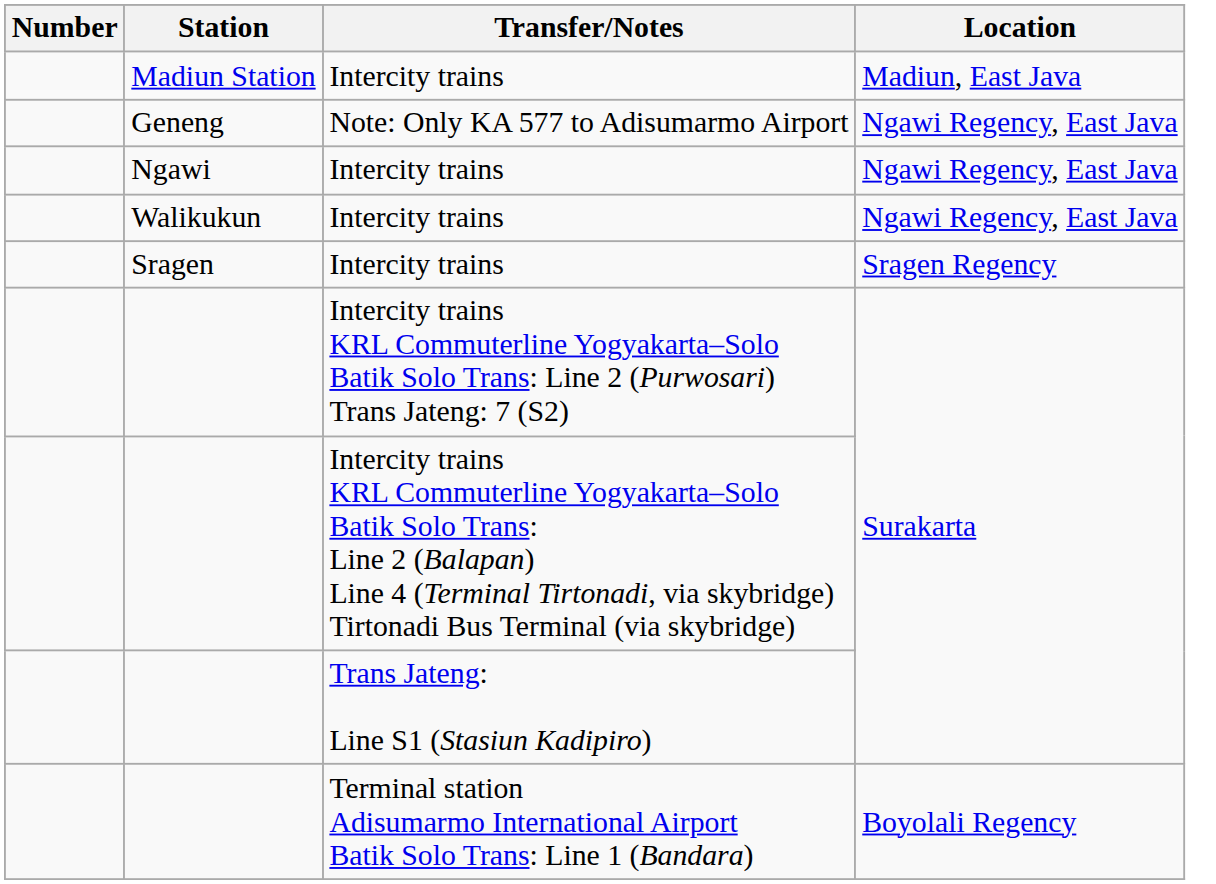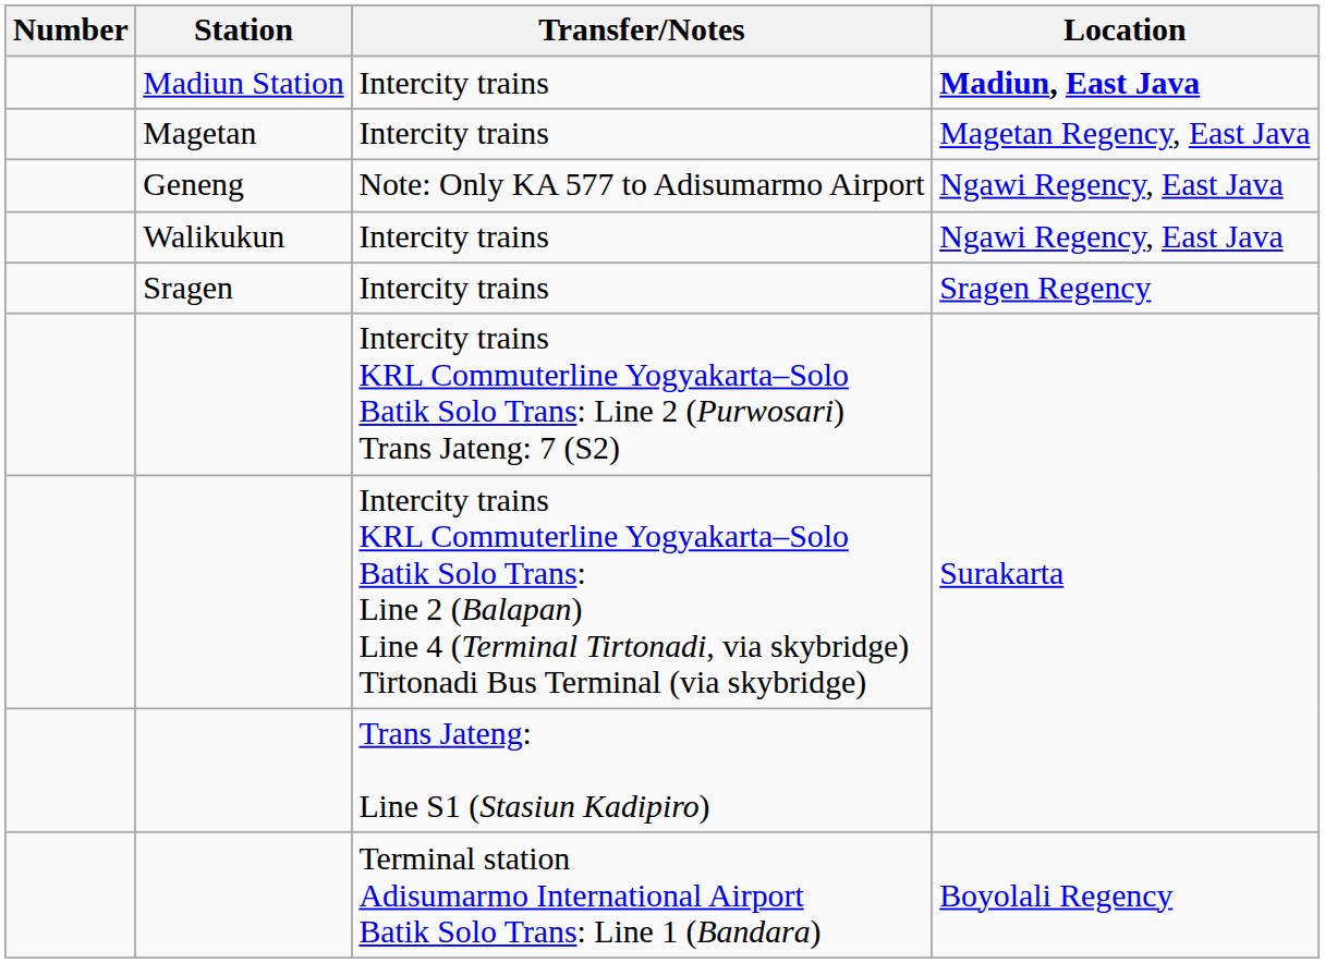 <table rules="all" class="wikitable">
 <tr>
 <th>Number</th>
 <th>Station</th>
 <th>Transfer/Notes</th>
 <th>Location</th>
 </tr>
 <tr>
 <td></td>
 <td><a href='#'>Madiun Station</a></td>
 <td> Intercity trains</td>
-<td><a href='#'>Madiun</a>, <a href='#'>East Java</a></td>
+<td><strong><a href='#'>Madiun</a>, <a href='#'>East Java</a></strong></td>
+</tr>
+<tr>
+<td></td>
+<td>Magetan</td>
+<td> Intercity trains</td>
+<td><a href='#'>Magetan Regency</a>, <a href='#'>East Java</a></td>
 </tr>
 <tr>
 <td></td>
 <td>Geneng</td>
 <td>Note: Only KA 577 to Adisumarmo Airport</td>
-<td><a href='#'>Ngawi Regency</a>, <a href='#'>East Java</a></td>
-</tr>
-<tr>
-<td></td>
-<td>Ngawi</td>
-<td> Intercity trains</td>
 <td><a href='#'>Ngawi Regency</a>, <a href='#'>East Java</a></td>
 </tr>
 <tr>
 <td></td>
 <td>Walikukun</td>
 <td> Intercity trains</td>
 <td><a href='#'>Ngawi Regency</a>, <a href='#'>East Java</a></td>
 </tr>
 <tr>
 <td></td>
 <td>Sragen</td>
 <td> Intercity trains</td>
 <td><a href='#'>Sragen Regency</a></td>
 </tr>
 <tr>
 <td><br></td>
 <td></td>
 <td> Intercity trains<br> <a href='#'>KRL Commuterline Yogyakarta–Solo</a><br> <a href='#'>Batik Solo Trans</a>: Line 2 (<em>Purwosari</em>)<br>Trans Jateng: 7 (S2)</td>
 <td rowspan="3"><a href='#'>Surakarta</a></td>
 </tr>
 <tr>
 <td><br></td>
 <td></td>
 <td> Intercity trains<br> <a href='#'>KRL Commuterline Yogyakarta–Solo</a><br> <a href='#'>Batik Solo Trans</a>: <br> Line 2 (<em>Balapan</em>)<br> Line 4 (<em>Terminal Tirtonadi</em>, via skybridge)<br> Tirtonadi Bus Terminal (via skybridge)</td>
 </tr>
 <tr>
 <td></td>
 <td></td>
 <td> <a href='#'>Trans Jateng</a>:<br><br>Line S1 (<em>Stasiun Kadipiro</em>)</td>
 </tr>
 <tr>
 <td></td>
 <td></td>
 <td>Terminal station<br> <a href='#'>Adisumarmo International Airport</a><br> <a href='#'>Batik Solo Trans</a>: Line 1 (<em>Bandara</em>)</td>
 <td><a href='#'>Boyolali Regency</a></td>
 </tr>
 </table>
